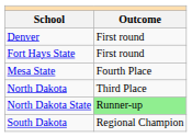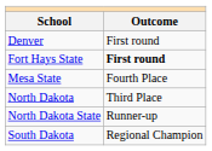 <table class="wikitable" style="float:left; margin-right:1em;">
 <tr>
 <th colspan="3" style="background:#ffdead;"></th>
 </tr>
 <tr>
 <th>School</th>
 <th>Outcome</th>
 </tr>
 <tr>
 <td><a href='#'>Denver</a></td>
 <td>First round</td>
 </tr>
 <tr>
 <td><a href='#'>Fort Hays State</a></td>
-<td>First round</td>
+<td><strong>First round</strong></td>
 </tr>
 <tr>
 <td><a href='#'>Mesa State</a></td>
 <td>Fourth Place</td>
 </tr>
 <tr>
 <td><a href='#'>North Dakota</a></td>
 <td>Third Place</td>
 </tr>
 <tr>
 <td><a href='#'>North Dakota State</a></td>
-<td style="background: lightgreen;">Runner-up</td>
+<td>Runner-up</td>
 </tr>
 <tr>
 <td><a href='#'>South Dakota</a></td>
 <td>Regional Champion</td>
 </tr>
 </table>
